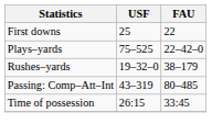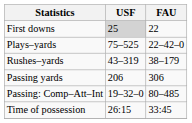 <table class="wikitable" style="float: left;">
 <tr>
 <th>Statistics</th>
 <th>USF</th>
 <th>FAU</th>
 </tr>
 <tr>
 <td>First downs</td>
-<td>25</td>
+<td style="background: lightgrey;">25</td>
 <td>22</td>
 </tr>
 <tr>
 <td>Plays–yards</td>
 <td>75–525</td>
 <td>22–42–0</td>
 </tr>
 <tr>
 <td>Rushes–yards</td>
-<td>19–32–0</td>
+<td>43–319</td>
 <td>38–179</td>
 </tr>
 <tr>
+<td>Passing yards</td>
+<td>206</td>
+<td>306</td>
+</tr>
+<tr>
 <td>Passing: Comp–Att–Int</td>
-<td>43–319</td>
+<td>19–32–0</td>
 <td>80–485</td>
 </tr>
 <tr>
 <td>Time of possession</td>
 <td>26:15</td>
 <td>33:45</td>
 </tr>
 <tr>
 </tr>
 </table>
